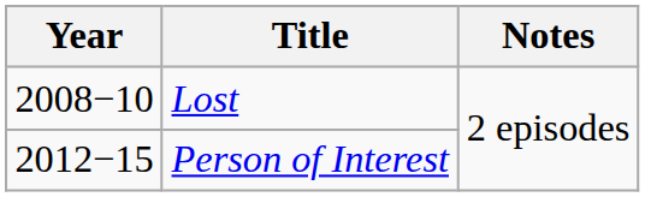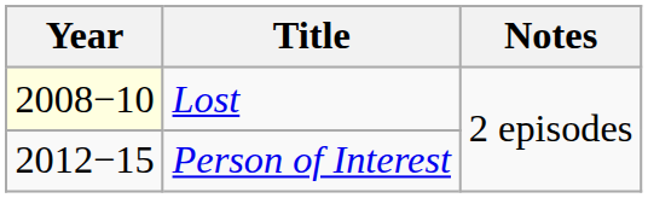 <table class="wikitable">
 <tr>
 <th>Year</th>
 <th>Title</th>
 <th>Notes</th>
 </tr>
 <tr>
-<td>2008−10</td>
+<td style="background: lightyellow;">2008−10</td>
 <td><em><a href='#'>Lost</a></em></td>
 <td rowspan=2>2 episodes</td>
 </tr>
 <tr>
 <td>2012−15</td>
 <td><em><a href='#'>Person of Interest</a></em></td>
 </tr>
 </table>
